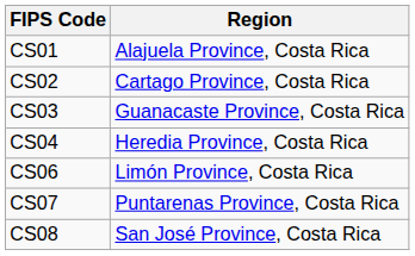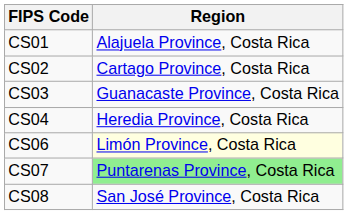 <table class="wikitable">
 <tr>
 <th>FIPS Code</th>
 <th>Region</th>
 </tr>
 <tr>
 <td>CS01</td>
 <td><a href='#'>Alajuela Province</a>, Costa Rica</td>
 </tr>
 <tr>
 <td>CS02</td>
 <td><a href='#'>Cartago Province</a>, Costa Rica</td>
 </tr>
 <tr>
 <td>CS03</td>
 <td><a href='#'>Guanacaste Province</a>, Costa Rica</td>
 </tr>
 <tr>
 <td>CS04</td>
 <td><a href='#'>Heredia Province</a>, Costa Rica</td>
 </tr>
 <tr>
 <td>CS06</td>
-<td><a href='#'>Limón Province</a>, Costa Rica</td>
+<td style="background: lightyellow;"><a href='#'>Limón Province</a>, Costa Rica</td>
 </tr>
 <tr>
 <td>CS07</td>
-<td><a href='#'>Puntarenas Province</a>, Costa Rica</td>
+<td style="background: lightgreen;"><a href='#'>Puntarenas Province</a>, Costa Rica</td>
 </tr>
 <tr>
 <td>CS08</td>
 <td><a href='#'>San José Province</a>, Costa Rica</td>
 </tr>
 </table>
